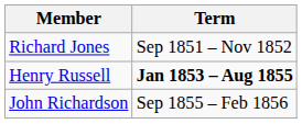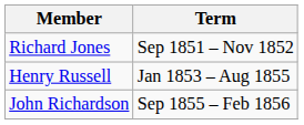 <table class="wikitable">
 <tr>
 <th>Member</th>
 <th>Term</th>
 </tr>
 <tr>
 <td><a href='#'>Richard Jones</a></td>
 <td>Sep 1851 – Nov 1852</td>
 </tr>
 <tr>
 <td><a href='#'>Henry Russell</a></td>
-<td><strong>Jan 1853 – Aug 1855</strong></td>
+<td>Jan 1853 – Aug 1855</td>
 </tr>
 <tr>
 <td><a href='#'>John Richardson</a></td>
 <td>Sep 1855 – Feb 1856</td>
 </tr>
 <tr>
 </tr>
 </table>
